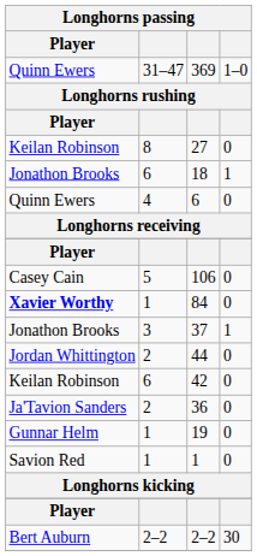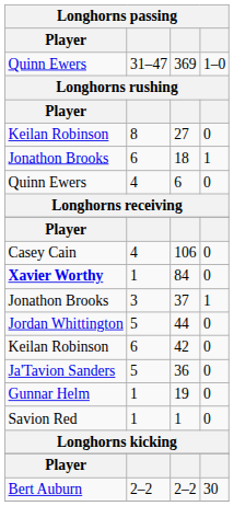 <table class="wikitable plainrowheaders">
 <tr>
 <th colspan="6">Longhorns passing</th>
 </tr>
 <tr>
 <th scope="col">Player</th>
 <th scope="col"></th>
 <th scope="col"></th>
 <th scope="col"></th>
 </tr>
 <tr>
 <td><a href='#'>Quinn Ewers</a></td>
 <td>31–47</td>
 <td>369</td>
 <td>1–0</td>
 </tr>
 <tr>
 <th colspan="6">Longhorns rushing</th>
 </tr>
 <tr>
 <th scope="col">Player</th>
 <th scope="col"></th>
 <th scope="col"></th>
 <th scope="col"></th>
 </tr>
 <tr>
 <td><a href='#'>Keilan Robinson</a></td>
 <td>8</td>
 <td>27</td>
 <td>0</td>
 </tr>
 <tr>
 <td><a href='#'>Jonathon Brooks</a></td>
 <td>6</td>
 <td>18</td>
 <td>1</td>
 </tr>
 <tr>
 <td>Quinn Ewers</td>
 <td>4</td>
 <td>6</td>
 <td>0</td>
 </tr>
 <tr>
 <th colspan="6">Longhorns receiving</th>
 </tr>
 <tr>
 </tr>
 <tr>
 <th scope="col">Player</th>
 <th scope="col"></th>
 <th scope="col"></th>
 <th scope="col"></th>
 </tr>
 <tr>
 <td>Casey Cain</td>
-<td>5</td>
+<td>4</td>
 <td>106</td>
 <td>0</td>
 </tr>
 <tr>
 <td><strong><a href='#'>Xavier Worthy</a></strong></td>
 <td>1</td>
 <td>84</td>
 <td>0</td>
 </tr>
 <tr>
 <td>Jonathon Brooks</td>
 <td>3</td>
 <td>37</td>
 <td>1</td>
 </tr>
 <tr>
 <td><a href='#'>Jordan Whittington</a></td>
-<td>2</td>
+<td>5</td>
 <td>44</td>
 <td>0</td>
 </tr>
 <tr>
 <td>Keilan Robinson</td>
 <td>6</td>
 <td>42</td>
 <td>0</td>
 </tr>
 <tr>
 <td><a href='#'>Ja'Tavion Sanders</a></td>
-<td>2</td>
+<td>5</td>
 <td>36</td>
 <td>0</td>
 </tr>
 <tr>
 <td><a href='#'>Gunnar Helm</a></td>
 <td>1</td>
 <td>19</td>
 <td>0</td>
 </tr>
 <tr>
 <td>Savion Red</td>
 <td>1</td>
 <td>1</td>
 <td>0</td>
 </tr>
 <tr>
 <th colspan="6">Longhorns kicking</th>
 </tr>
 <tr>
 </tr>
 <tr>
 <th scope="col">Player</th>
 <th scope="col"></th>
 <th scope="col"></th>
 <th scope="col"></th>
 </tr>
 <tr>
 <td><a href='#'>Bert Auburn</a></td>
 <td>2–2</td>
 <td>2–2</td>
 <td>30</td>
 </tr>
 <tr>
 </tr>
 </table>
